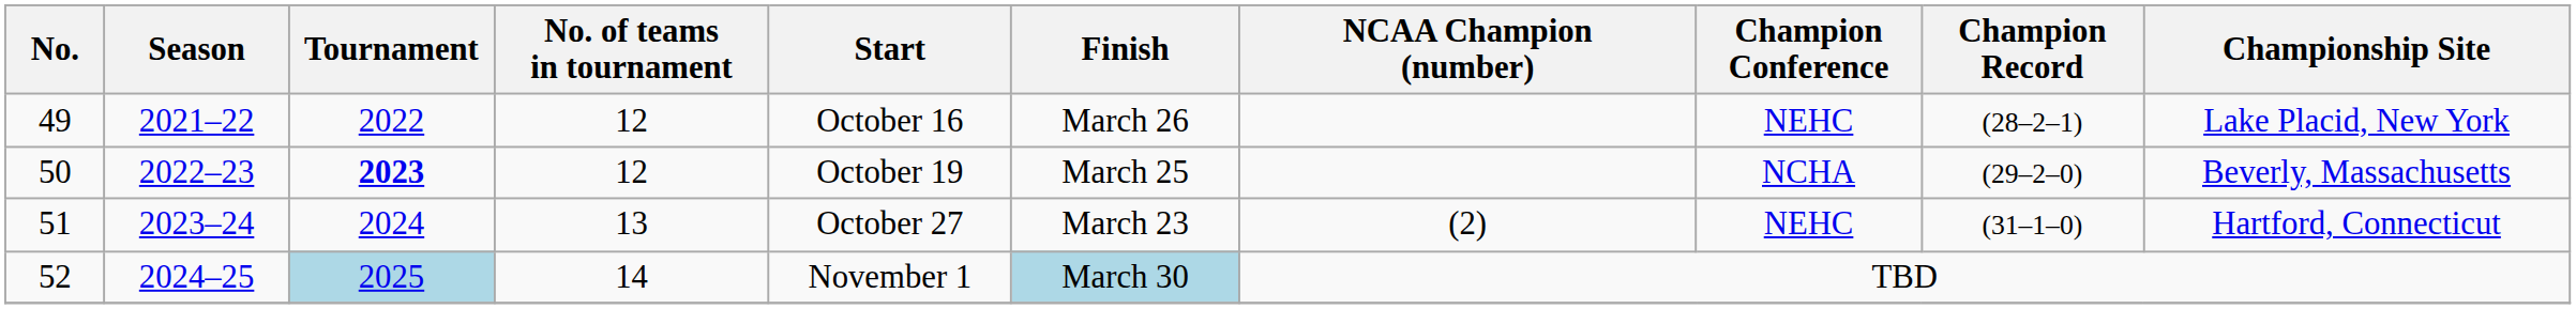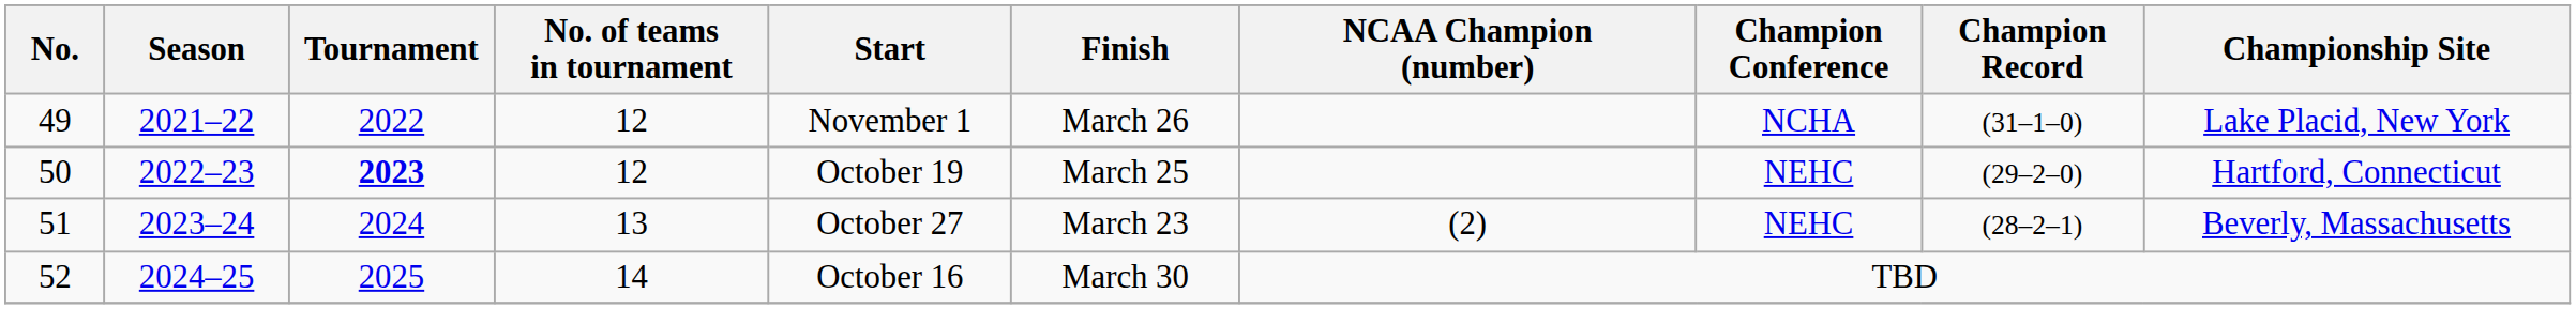 <table class="wikitable">
 <tr>
 <th style="width:3em">No.</th>
 <th style="width:6em">Season</th>
 <th style="width:6em">Tournament</th>
 <th style="width:9em">No. of teams<br>in tournament</th>
 <th style="width:8em">Start</th>
 <th style="width:8em">Finish</th>
 <th style="width:17em">NCAA Champion<br>(number)</th>
 <th style="width:7em">Champion<br>Conference</th>
 <th style="width:7em">Champion<br>Record</th>
 <th style="width:15em">Championship Site</th>
 </tr>
 <tr style="text-align:center;">
 <td>49</td>
 <td><a href='#'>2021–22</a></td>
 <td><a href='#'>2022</a></td>
 <td>12</td>
-<td>October 16</td>
+<td>November 1</td>
 <td>March 26</td>
 <td align=center><strong><a href='#'></a></strong></td>
-<td><a href='#'>NEHC</a></td>
-<td><small>(28–2–1)</small></td>
+<td><a href='#'>NCHA</a></td>
+<td><small>(31–1–0)</small></td>
 <td><a href='#'>Lake Placid, New York</a></td>
 </tr>
 <tr style="text-align:center;">
 <td>50</td>
 <td><a href='#'>2022–23</a></td>
 <td><strong><a href='#'>2023</a></strong></td>
 <td>12</td>
 <td>October 19</td>
 <td>March 25</td>
 <td align=center><strong><a href='#'></a></strong></td>
-<td><a href='#'>NCHA</a></td>
+<td><a href='#'>NEHC</a></td>
 <td><small>(29–2–0)</small></td>
-<td><a href='#'>Beverly, Massachusetts</a></td>
+<td><a href='#'>Hartford, Connecticut</a></td>
 </tr>
 <tr style="text-align:center;">
 <td>51</td>
 <td><a href='#'>2023–24</a></td>
 <td><a href='#'>2024</a></td>
 <td>13</td>
 <td>October 27</td>
 <td>March 23</td>
 <td align=center><strong><a href='#'></a></strong> (2)</td>
 <td><a href='#'>NEHC</a></td>
-<td><small>(31–1–0)</small></td>
-<td><a href='#'>Hartford, Connecticut</a></td>
+<td><small>(28–2–1)</small></td>
+<td><a href='#'>Beverly, Massachusetts</a></td>
 </tr>
 <tr style="text-align:center;">
 <td>52</td>
 <td><a href='#'>2024–25</a></td>
-<td style="background: lightblue;"><a href='#'>2025</a></td>
+<td><a href='#'>2025</a></td>
 <td>14</td>
-<td>November 1</td>
-<td style="background: lightblue;">March 30</td>
+<td>October 16</td>
+<td>March 30</td>
 <td colspan=5>TBD</td>
 </tr>
 <tr>
 </tr>
 </table>
